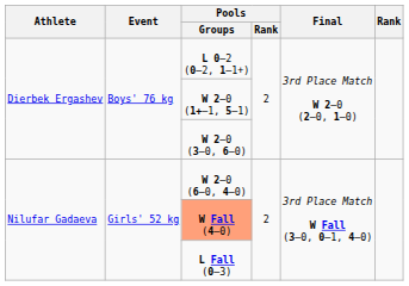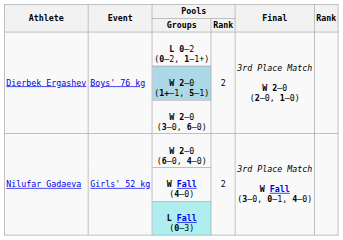 <table class="wikitable" style="text-align:left; font-size:90%">
 <tr>
 <th rowspan="2">Athlete</th>
 <th rowspan="2">Event</th>
 <th colspan="2">Pools</th>
 <th rowspan="2">Final</th>
 <th rowspan="2">Rank</th>
 </tr>
 <tr>
 <th>Groups</th>
 <th>Rank</th>
 </tr>
 <tr>
 <td rowspan="3"><a href='#'>Dierbek Ergashev</a></td>
 <td rowspan="3"><a href='#'>Boys' 76 kg</a></td>
 <td align=center><br><strong>L</strong> <strong>0</strong>–2<br>(<strong>0</strong>–2, <strong>1</strong>–1+)</td>
 <td rowspan="3" align=center>2</td>
 <td align=center rowspan=3><em>3rd Place Match</em><br><br><strong>W</strong> <strong>2</strong>–0<br>(<strong>2</strong>–0, <strong>1</strong>–0)</td>
 <td rowspan="3" align="center"></td>
 </tr>
 <tr>
-<td align=center><br><strong>W</strong> <strong>2</strong>–0<br>(<strong>1+</strong>–1, <strong>5</strong>–1)</td>
+<td align=center style="background: lightblue;"><br><strong>W</strong> <strong>2</strong>–0<br>(<strong>1+</strong>–1, <strong>5</strong>–1)</td>
 </tr>
 <tr>
 <td align=center><br><strong>W</strong> <strong>2</strong>–0<br>(<strong>3</strong>–0, <strong>6</strong>–0)</td>
 </tr>
 <tr>
 <td rowspan="3"><a href='#'>Nilufar Gadaeva</a></td>
 <td rowspan="3"><a href='#'>Girls' 52 kg</a></td>
 <td align=center><br><strong>W</strong> <strong>2</strong>–0<br>(<strong>6</strong>–0, <strong>4</strong>–0)</td>
 <td rowspan="3" align=center>2</td>
 <td align=center rowspan=3><em>3rd Place Match</em><br><br><strong>W</strong> <strong><a href='#'>Fall</a></strong><br>(<strong>3</strong>–0, <strong>0</strong>–1, <strong>4</strong>–0)</td>
 <td rowspan="3" align="center"></td>
 </tr>
 <tr>
-<td align=center style="background: lightsalmon;"><br><strong>W</strong> <strong><a href='#'>Fall</a></strong><br>(<strong>4</strong>–0)</td>
+<td align=center><br><strong>W</strong> <strong><a href='#'>Fall</a></strong><br>(<strong>4</strong>–0)</td>
 </tr>
 <tr>
-<td align=center><br><strong>L</strong> <strong><a href='#'>Fall</a></strong><br>(<strong>0</strong>–3)</td>
+<td align=center style="background: paleturquoise;"><br><strong>L</strong> <strong><a href='#'>Fall</a></strong><br>(<strong>0</strong>–3)</td>
 </tr>
 </table>
